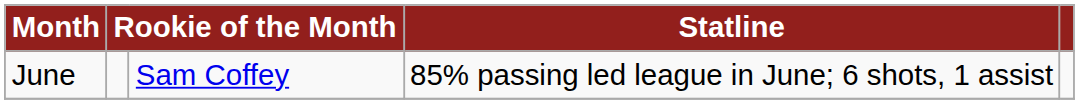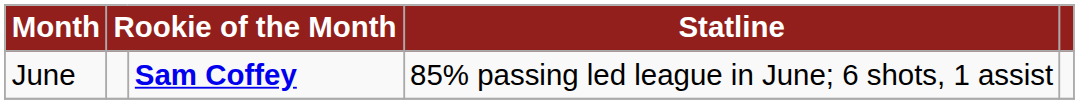 <table class="wikitable sortable">
 <tr>
 <th style="background:#921f1c; color:#fff;">Month</th>
 <th style="background:#921f1c; color:#fff;" colspan="2">Rookie of the Month</th>
 <th style="background:#921f1c; color:#fff;">Statline</th>
 <th style="background:#921f1c; color:#fff;"></th>
 </tr>
 <tr>
 <td>June</td>
 <td></td>
-<td><a href='#'>Sam Coffey</a></td>
+<td><strong><a href='#'>Sam Coffey</a></strong></td>
 <td>85% passing led league in June; 6 shots, 1 assist</td>
 <td></td>
 </tr>
 <tr>
 </tr>
 </table>
